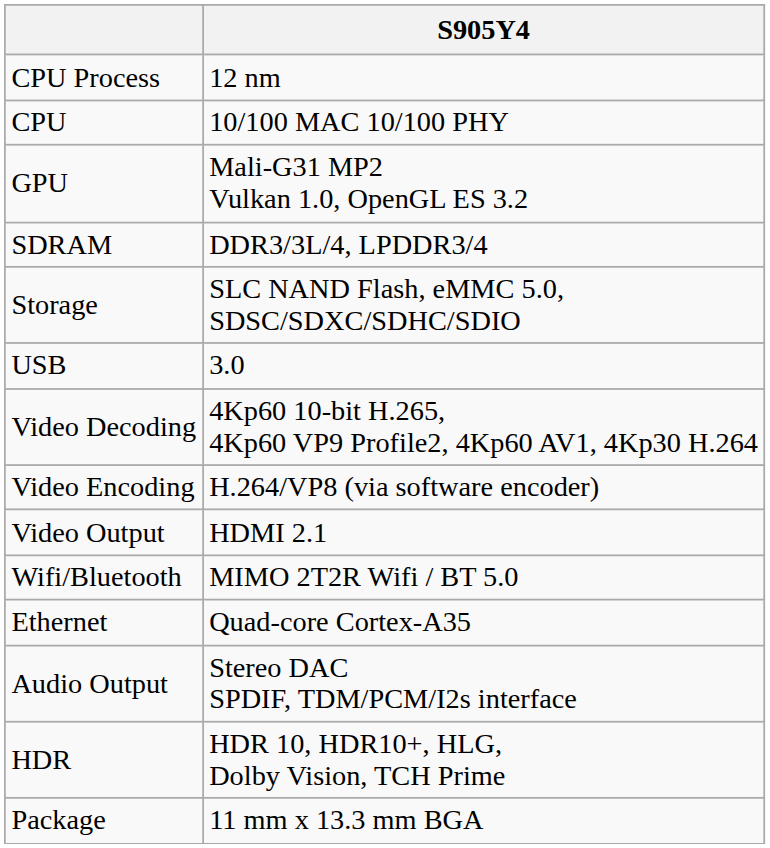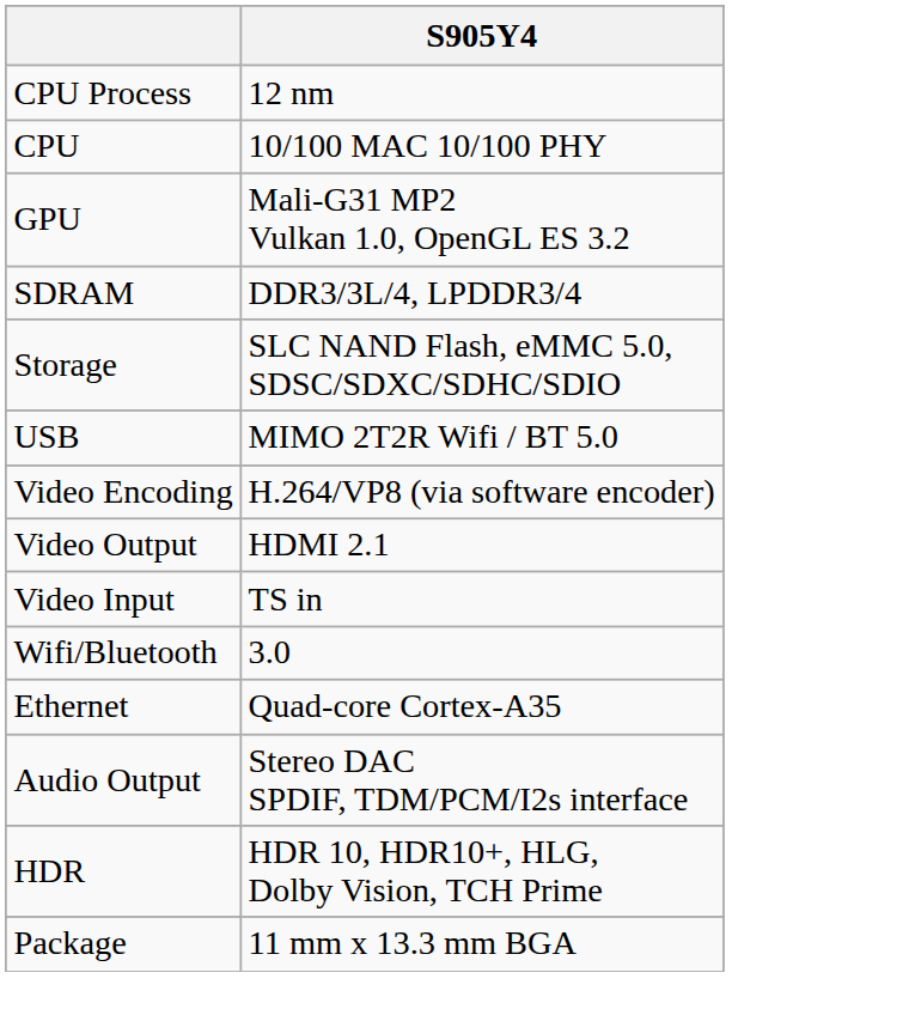 <table class="wikitable sticky-header">
 <tr>
 <th>　</th>
 <th>S905Y4</th>
 </tr>
 <tr>
 <td>CPU Process</td>
 <td>12 nm</td>
 </tr>
 <tr>
 <td>CPU</td>
 <td>10/100 MAC 10/100 PHY</td>
 </tr>
 <tr>
 <td>GPU</td>
 <td>Mali-G31 MP2<br>Vulkan 1.0, OpenGL ES 3.2</td>
 </tr>
 <tr>
 <td>SDRAM</td>
 <td>DDR3/3L/4, LPDDR3/4</td>
 </tr>
 <tr>
 <td>Storage</td>
 <td>SLC NAND Flash, eMMC 5.0,<br>SDSC/SDXC/SDHC/SDIO</td>
 </tr>
 <tr>
 <td>USB</td>
-<td>3.0</td>
-</tr>
-<tr>
-<td>Video Decoding</td>
-<td>4Kp60 10-bit H.265,<br>4Kp60 VP9 Profile2, 4Kp60 AV1, 4Kp30 H.264</td>
+<td>MIMO 2T2R Wifi / BT 5.0</td>
 </tr>
 <tr>
 <td>Video Encoding</td>
 <td>H.264/VP8 (via software encoder)</td>
 </tr>
 <tr>
 <td>Video Output</td>
 <td>HDMI 2.1</td>
 </tr>
 <tr>
+<td>Video Input</td>
+<td>TS in</td>
+</tr>
+<tr>
 <td>Wifi/Bluetooth</td>
-<td>MIMO 2T2R Wifi / BT 5.0</td>
+<td>3.0</td>
 </tr>
 <tr>
 <td>Ethernet</td>
 <td>Quad-core Cortex-A35</td>
 </tr>
 <tr>
 <td>Audio Output</td>
 <td>Stereo DAC<br>SPDIF, TDM/PCM/I2s interface</td>
 </tr>
 <tr>
 <td>HDR</td>
 <td>HDR 10, HDR10+, HLG,<br>Dolby Vision, TCH Prime</td>
 </tr>
 <tr>
 <td>Package</td>
 <td>11 mm x 13.3 mm BGA</td>
 </tr>
 </table>
